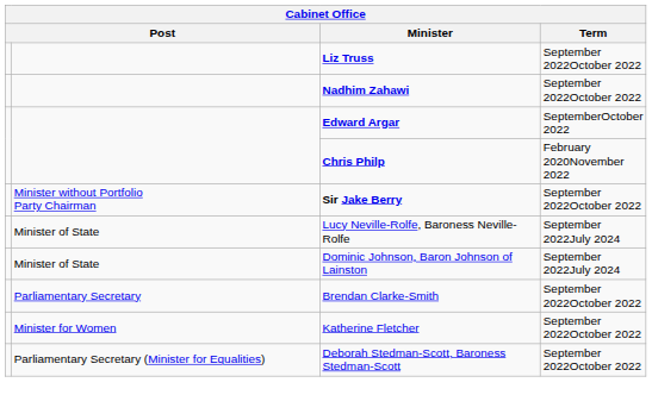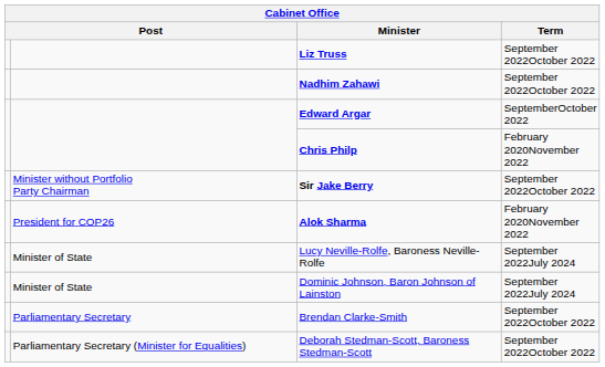 <table class="wikitable">
 <tr>
 <th colspan="4"><a href='#'>Cabinet Office</a></th>
 </tr>
 <tr>
 <th colspan="2">Post</th>
 <th>Minister</th>
 <th>Term</th>
 </tr>
 <tr>
 <td style="width: 1px; background: "></td>
 <td style="width: 450px;"></td>
 <td style="width: 320px;"><strong><a href='#'>Liz Truss</a></strong></td>
 <td>September 2022October 2022</td>
 </tr>
 <tr>
 <td rowspan="1" style="width: 1px; background: "></td>
 <td rowspan="1" style="width: 450px;"></td>
 <td style="width: 320px;"><strong><a href='#'>Nadhim Zahawi</a></strong></td>
 <td>September 2022October 2022</td>
 </tr>
 <tr>
 <td rowspan="2" style="width: 1px; background: "></td>
 <td rowspan="2" style="width: 450px;"></td>
 <td style="width: 320px;"><strong><a href='#'>Edward Argar</a></strong></td>
 <td>SeptemberOctober 2022</td>
 </tr>
 <tr>
 <td style="width: 320px;"><strong><a href='#'>Chris Philp</a></strong></td>
 <td>February 2020November 2022</td>
 </tr>
 <tr>
 <td rowspan="1" style="width: 1px; background: "></td>
 <td rowspan="1" style="width: 450px;"><a href='#'>Minister without Portfolio</a><br><a href='#'>Party Chairman</a></td>
 <td style="width: 320px;"><strong>Sir <a href='#'>Jake Berry</a></strong> </td>
 <td>September 2022October 2022</td>
 </tr>
 <tr>
 <td style="width: 1px; background: "></td>
+<td style="width: 450px;"><a href='#'>President for COP26</a></td>
+<td style="width: 320px;"><strong><a href='#'>Alok Sharma</a></strong></td>
+<td>February 2020November 2022</td>
+</tr>
+<tr>
+<td style="width: 1px; background: "></td>
 <td style="width: 450px;">Minister of State</td>
 <td style="width: 320px;"><a href='#'>Lucy Neville-Rolfe</a>, Baroness Neville-Rolfe</td>
 <td>September 2022July 2024</td>
 </tr>
 <tr>
 <td style="width: 1px; background: "></td>
 <td style="width: 450px;">Minister of State</td>
 <td style="width: 320px;"><a href='#'>Dominic Johnson, Baron Johnson of Lainston</a> </td>
 <td>September 2022July 2024</td>
 </tr>
 <tr>
 <td rowspan="1" style="width: 1px; background: "></td>
 <td rowspan="1" style="width: 450px;"><a href='#'>Parliamentary Secretary</a></td>
 <td style="width: 320px;"><a href='#'>Brendan Clarke-Smith</a></td>
 <td>September 2022October 2022</td>
 </tr>
 <tr>
 <td rowspan="1" style="width: 1px; background: "></td>
-<td rowspan="1" style="width: 450px;"><a href='#'>Minister for Women</a></td>
-<td style="width: 320px;"><a href='#'>Katherine Fletcher</a> </td>
-<td>September 2022October 2022</td>
-</tr>
-<tr>
-<td rowspan="1" style="width: 1px; background: "></td>
 <td rowspan="1" style="width: 450px;">Parliamentary Secretary (<a href='#'>Minister for Equalities</a>)</td>
 <td style="width: 320px;"><a href='#'>Deborah Stedman-Scott, Baroness Stedman-Scott</a> </td>
 <td>September 2022October 2022</td>
 </tr>
 </table>
